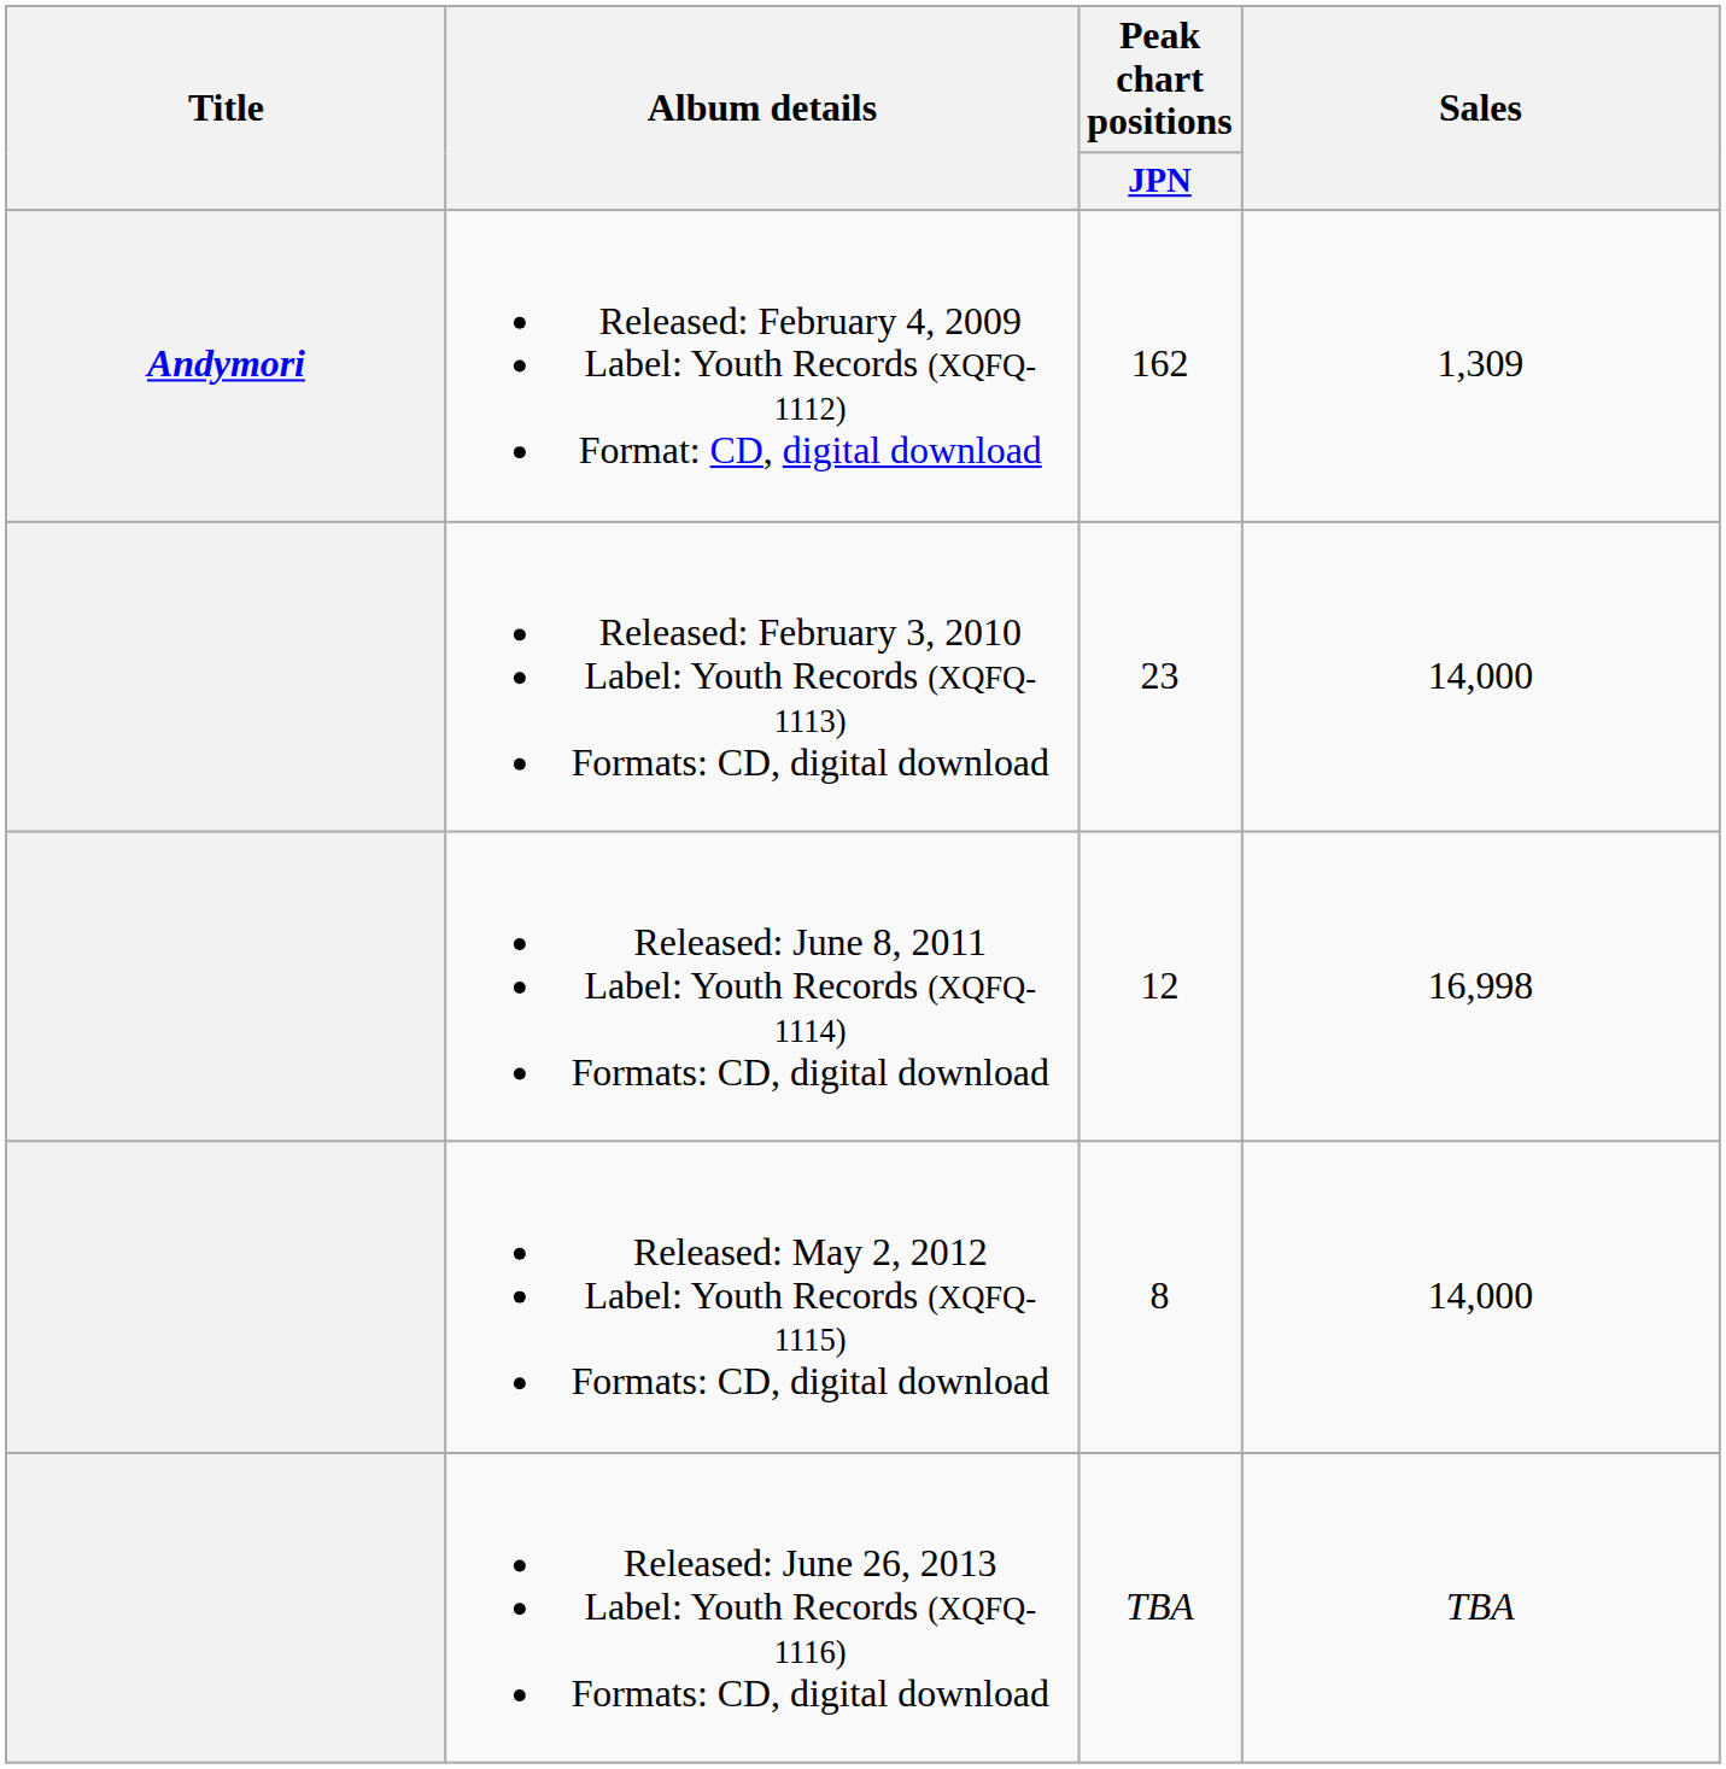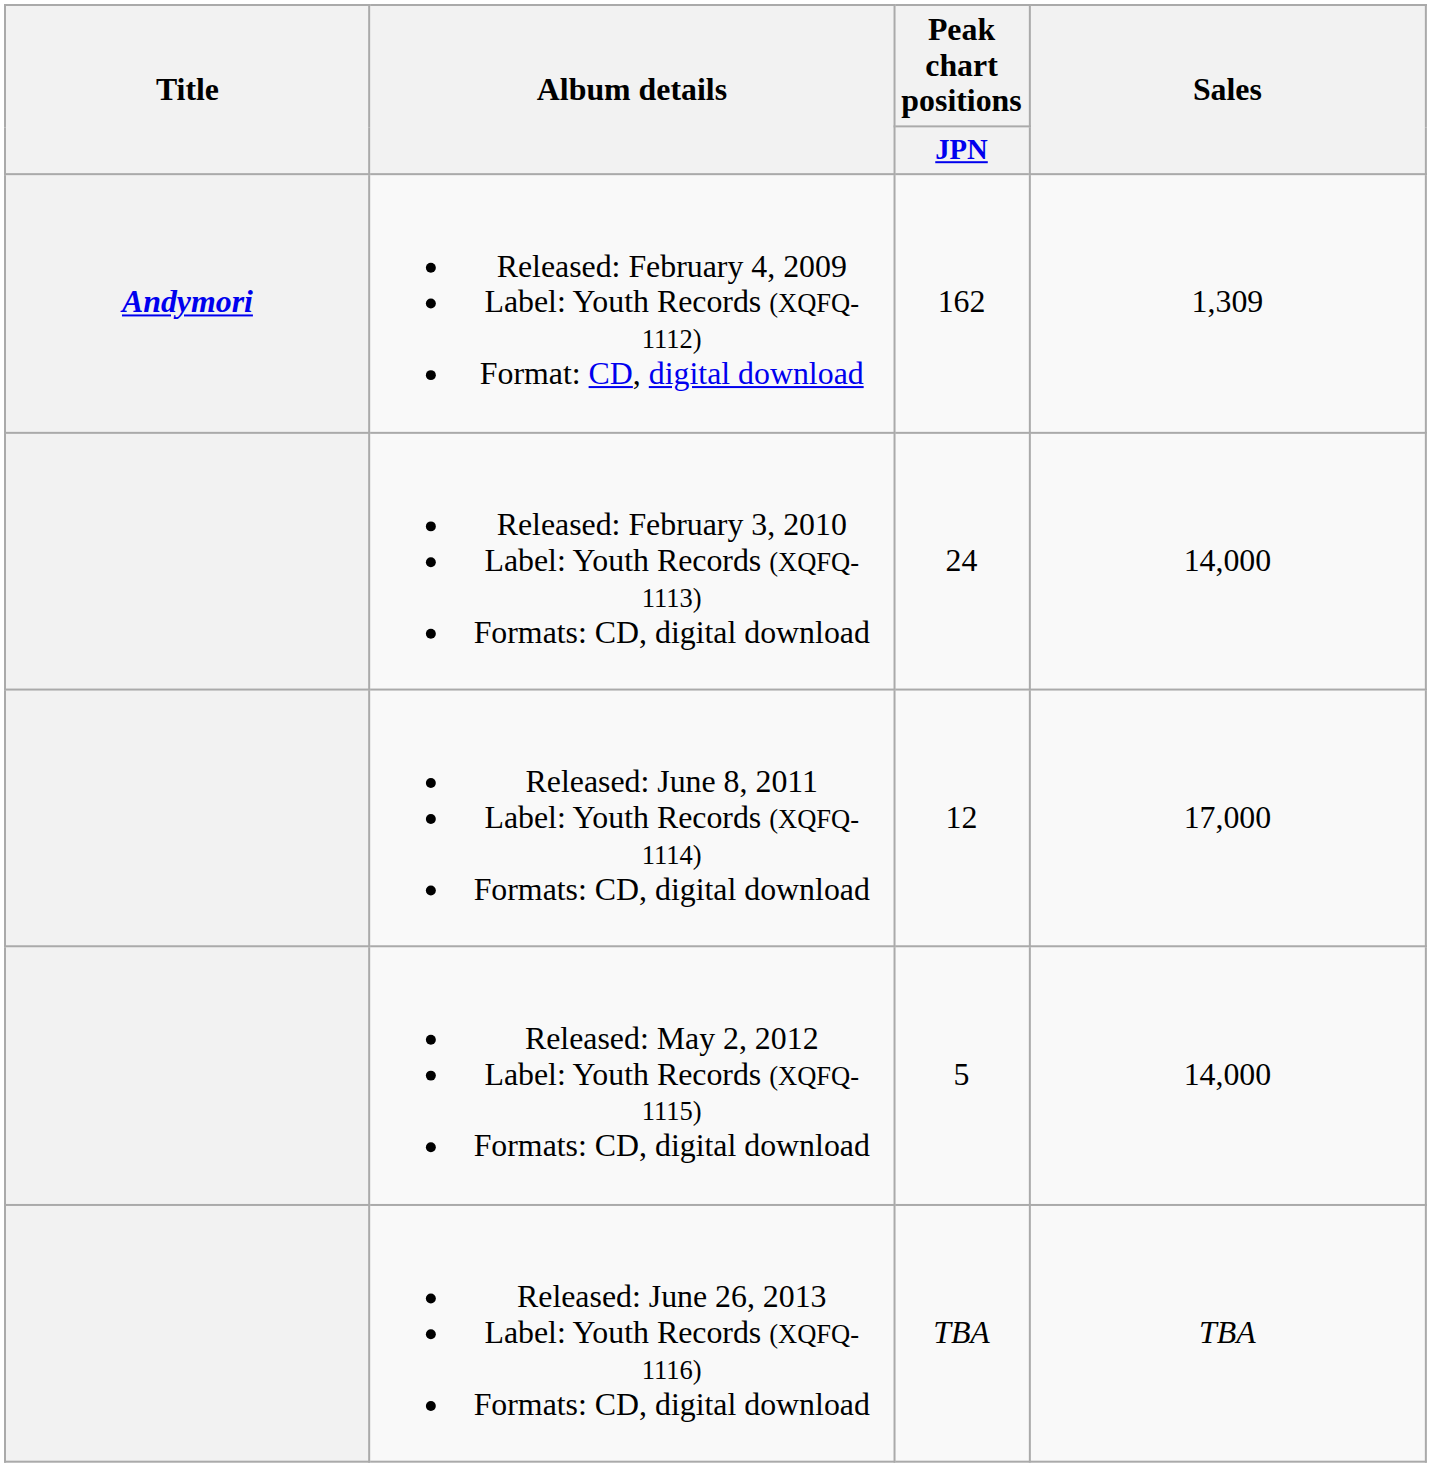 <table class="wikitable plainrowheaders" style="text-align:center;" border="1">
 <tr>
 <th scope="col" rowspan="2" style="width:11em;">Title</th>
 <th scope="col" rowspan="2" style="width:16em;">Album details</th>
 <th scope="col" colspan="1">Peak chart positions</th>
 <th scope="col" rowspan="2" style="width:12em;">Sales<br></th>
 </tr>
 <tr>
 <th scope="col" style="width:3em;font-size:90%;"><a href='#'>JPN</a><br></th>
 </tr>
 <tr>
 <th scope="row"><em><a href='#'>Andymori</a></em></th>
 <td><br><ul><li>Released: February 4, 2009</li><li>Label: Youth Records <small>(XQFQ-1112)</small></li><li>Format: <a href='#'>CD</a>, <a href='#'>digital download</a></li></ul></td>
 <td>162</td>
 <td>1,309</td>
 </tr>
 <tr>
 <th scope="row"></th>
 <td><br><ul><li>Released: February 3, 2010</li><li>Label: Youth Records <small>(XQFQ-1113)</small></li><li>Formats: CD, digital download</li></ul></td>
-<td>23</td>
+<td>24</td>
 <td>14,000</td>
 </tr>
 <tr>
 <th scope="row"></th>
 <td><br><ul><li>Released: June 8, 2011</li><li>Label: Youth Records <small>(XQFQ-1114)</small></li><li>Formats: CD, digital download</li></ul></td>
 <td>12</td>
-<td>16,998</td>
+<td>17,000</td>
 </tr>
 <tr>
 <th scope="row"></th>
 <td><br><ul><li>Released: May 2, 2012</li><li>Label: Youth Records <small>(XQFQ-1115)</small></li><li>Formats: CD, digital download</li></ul></td>
-<td>8</td>
+<td>5</td>
 <td>14,000</td>
 </tr>
 <tr>
 <th scope="row"></th>
 <td><br><ul><li>Released: June 26, 2013</li><li>Label: Youth Records <small>(XQFQ-1116)</small></li><li>Formats: CD, digital download</li></ul></td>
 <td><em>TBA</em></td>
 <td><em>TBA</em></td>
 </tr>
 </table>
